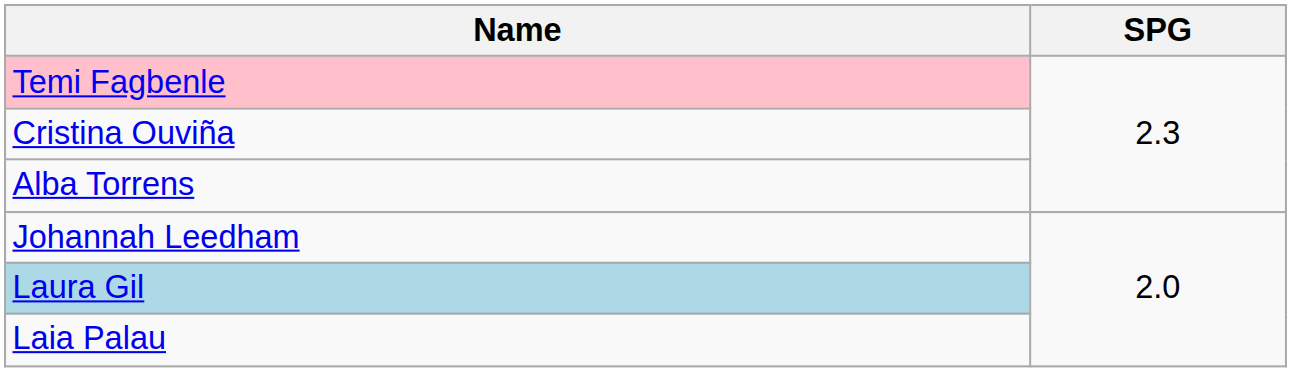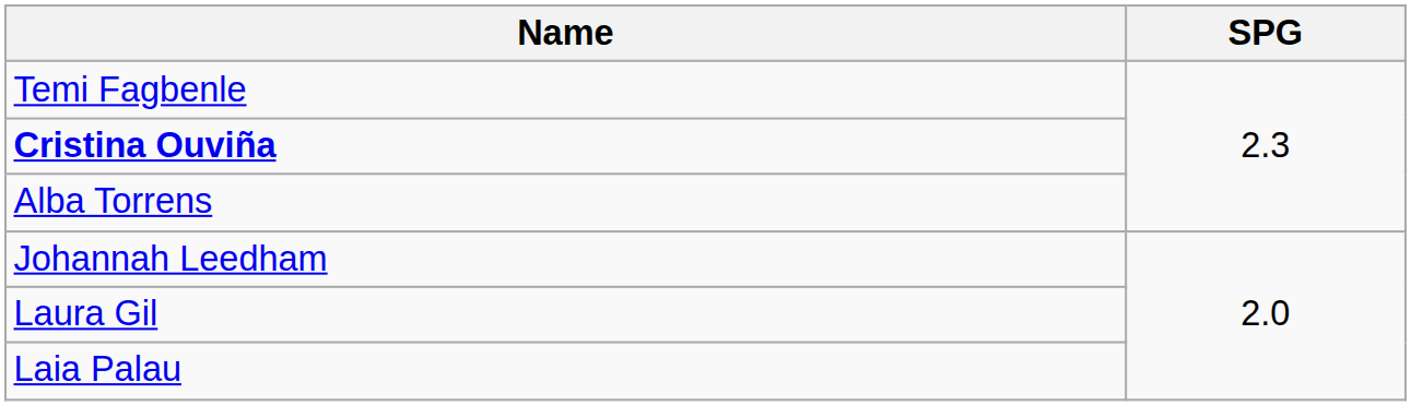 <table class=wikitable width="50%">
 <tr>
 <th width="80%">Name</th>
 <th width="20%">SPG</th>
 </tr>
 <tr>
-<td style="background: pink;"> <a href='#'>Temi Fagbenle</a></td>
+<td> <a href='#'>Temi Fagbenle</a></td>
 <td align=center rowspan=3>2.3</td>
 </tr>
 <tr>
-<td> <a href='#'>Cristina Ouviña</a></td>
+<td><strong> <a href='#'>Cristina Ouviña</a></strong></td>
 </tr>
 <tr>
 <td> <a href='#'>Alba Torrens</a></td>
 </tr>
 <tr>
 <td> <a href='#'>Johannah Leedham</a></td>
 <td align=center rowspan=3>2.0</td>
 </tr>
 <tr>
-<td style="background: lightblue;"> <a href='#'>Laura Gil</a></td>
+<td> <a href='#'>Laura Gil</a></td>
 </tr>
 <tr>
 <td> <a href='#'>Laia Palau</a></td>
 </tr>
 </table>
